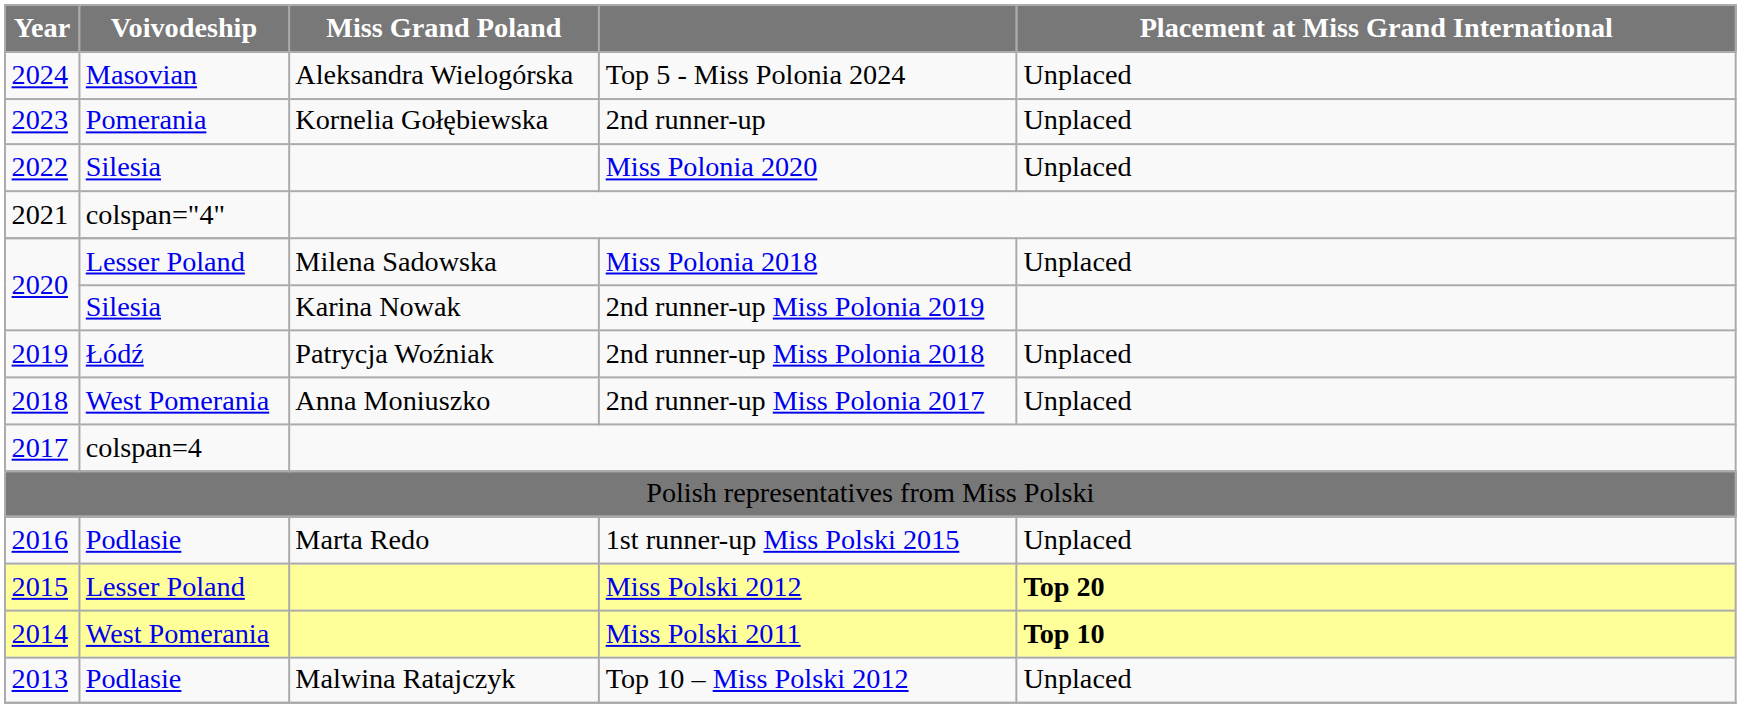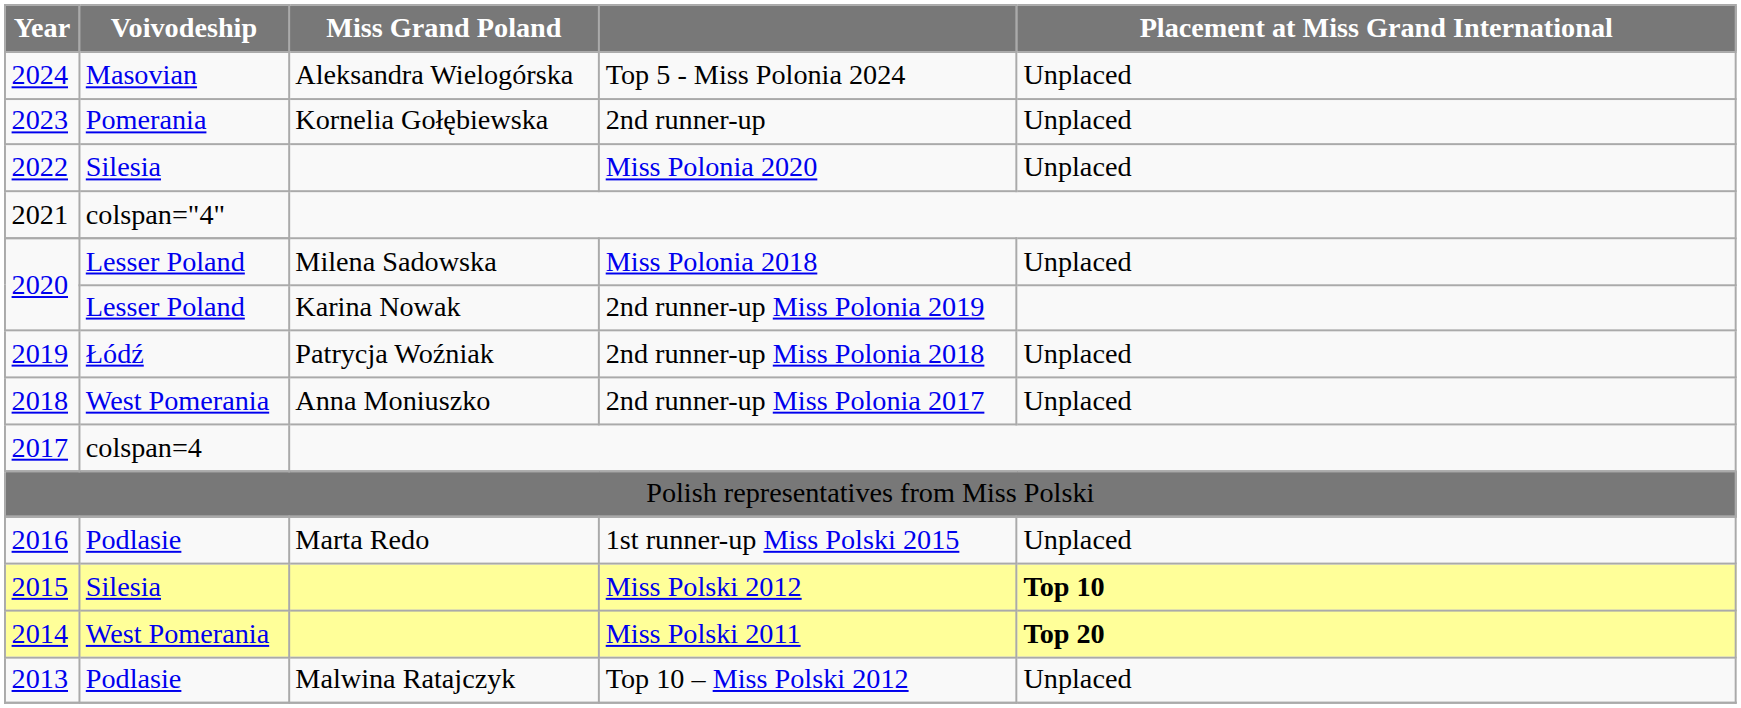 <table class="wikitable defaultcenter" style="font-size:90%; width:100%;">
 <tr>
 <th style="background-color:#787878;color:#FFFFFF;">Year</th>
 <th style="background-color:#787878;color:#FFFFFF;">Voivodeship</th>
 <th style="background-color:#787878;color:#FFFFFF;">Miss Grand Poland</th>
 <th style="background-color:#787878;color:#FFFFFF;"></th>
 <th width=360px style="background-color:#787878;color:#FFFFFF;">Placement at Miss Grand International</th>
 </tr>
 <tr>
 <td><a href='#'>2024</a></td>
 <td><a href='#'>Masovian</a></td>
 <td>Aleksandra Wielogórska</td>
 <td>Top 5 - Miss Polonia 2024</td>
 <td>Unplaced</td>
 </tr>
 <tr>
 <td><a href='#'>2023</a></td>
 <td><a href='#'>Pomerania</a></td>
 <td>Kornelia Gołębiewska</td>
 <td>2nd runner-up </td>
 <td>Unplaced</td>
 </tr>
 <tr>
 <td><a href='#'>2022</a></td>
 <td><a href='#'>Silesia</a></td>
 <td></td>
 <td><a href='#'>Miss Polonia 2020</a></td>
 <td>Unplaced</td>
 </tr>
 <tr>
 <td>2021</td>
 <td>colspan="4" </td>
 </tr>
 <tr>
 </tr>
 <tr>
 <td rowspan="2"><a href='#'>2020</a></td>
 <td><a href='#'>Lesser Poland</a></td>
 <td>Milena Sadowska</td>
 <td><a href='#'>Miss Polonia 2018</a></td>
 <td>Unplaced</td>
 </tr>
 <tr>
-<td><a href='#'>Silesia</a></td>
+<td><a href='#'>Lesser Poland</a></td>
 <td>Karina Nowak</td>
 <td>2nd runner-up <a href='#'>Miss Polonia 2019</a></td>
 <td></td>
 </tr>
 <tr>
 <td><a href='#'>2019</a></td>
 <td><a href='#'>Łódź</a></td>
 <td>Patrycja Woźniak</td>
 <td>2nd runner-up <a href='#'>Miss Polonia 2018</a></td>
 <td>Unplaced</td>
 </tr>
 <tr>
 <td><a href='#'>2018</a></td>
 <td><a href='#'>West Pomerania</a></td>
 <td>Anna Moniuszko</td>
 <td>2nd runner-up <a href='#'>Miss Polonia 2017</a></td>
 <td>Unplaced</td>
 </tr>
 <tr>
 <td><a href='#'>2017</a></td>
 <td>colspan=4 </td>
 </tr>
 <tr bgcolor="#787878" align="center">
 <td colspan="5"><span>Polish representatives from Miss Polski</span></td>
 </tr>
 <tr style="background-color:#FFFF99;">
 </tr>
 <tr>
 <td><a href='#'>2016</a></td>
 <td><a href='#'>Podlasie</a></td>
 <td>Marta Redo</td>
 <td>1st runner-up <a href='#'>Miss Polski 2015</a></td>
 <td>Unplaced</td>
 </tr>
 <tr style="background-color:#FFFF99;">
 <td><a href='#'>2015</a></td>
-<td><a href='#'>Lesser Poland</a></td>
+<td><a href='#'>Silesia</a></td>
 <td></td>
 <td><a href='#'>Miss Polski 2012</a></td>
-<td><strong>Top 20</strong></td>
+<td><strong>Top 10</strong></td>
 </tr>
 <tr style="background-color:#FFFF99;">
 <td><a href='#'>2014</a></td>
 <td><a href='#'>West Pomerania</a></td>
 <td></td>
 <td><a href='#'>Miss Polski 2011</a></td>
-<td><strong>Top 10</strong></td>
+<td><strong>Top 20</strong></td>
 </tr>
 <tr>
 <td><a href='#'>2013</a></td>
 <td><a href='#'>Podlasie</a></td>
 <td>Malwina Ratajczyk</td>
 <td>Top 10 – <a href='#'>Miss Polski 2012</a></td>
 <td>Unplaced</td>
 </tr>
 <tr>
 </tr>
 </table>
